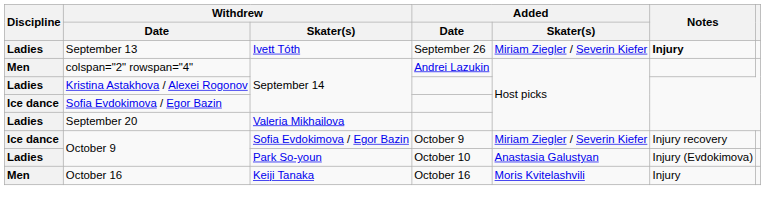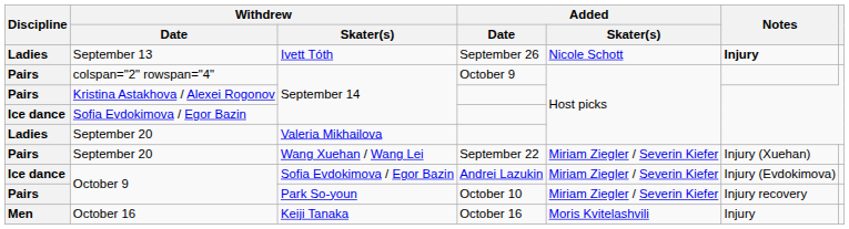 <table class="wikitable unsortable">
 <tr>
 <th scope="col" rowspan=2>Discipline</th>
 <th scope="col" colspan=2>Withdrew</th>
 <th scope="col" colspan=2>Added</th>
 <th scope="col" rowspan=2>Notes</th>
 <th scope="col" rowspan=2></th>
 </tr>
 <tr>
 <th>Date</th>
 <th>Skater(s)</th>
 <th>Date</th>
 <th>Skater(s)</th>
 </tr>
 <tr>
 <th scope="row" style="text-align:left">Ladies</th>
 <td>September 13</td>
 <td> <a href='#'>Ivett Tóth</a></td>
 <td>September 26</td>
-<td> <a href='#'>Miriam Ziegler</a> / <a href='#'>Severin Kiefer</a></td>
+<td> <a href='#'>Nicole Schott</a></td>
 <td><strong>Injury</strong></td>
 <td></td>
 </tr>
 <tr>
-<th scope="row" style="text-align:left">Men</th>
+<th scope="row" style="text-align:left">Pairs</th>
 <td>colspan="2" rowspan="4" </td>
 <td rowspan="3">September 14</td>
-<td> <a href='#'>Andrei Lazukin</a></td>
+<td>October 9</td>
 <td rowspan="4">Host picks</td>
 <td></td>
 </tr>
 <tr>
-<th scope="row" style="text-align:left">Ladies</th>
+<th scope="row" style="text-align:left">Pairs</th>
 <td> <a href='#'>Kristina Astakhova</a> / <a href='#'>Alexei Rogonov</a></td>
 <td></td>
 </tr>
 <tr>
 <th scope="row" style="text-align:left">Ice dance</th>
 <td> <a href='#'>Sofia Evdokimova</a> / <a href='#'>Egor Bazin</a></td>
 <td></td>
 </tr>
 <tr>
 <th scope="row" style="text-align:left">Ladies</th>
 <td>September 20</td>
 <td> <a href='#'>Valeria Mikhailova</a></td>
 <td></td>
 </tr>
 <tr>
+<th scope="row" style="text-align:left">Pairs</th>
+<td>September 20</td>
+<td> <a href='#'>Wang Xuehan</a> / <a href='#'>Wang Lei</a></td>
+<td>September 22</td>
+<td> <a href='#'>Miriam Ziegler</a> / <a href='#'>Severin Kiefer</a></td>
+<td>Injury (Xuehan)</td>
+<td></td>
+</tr>
+<tr>
 <th scope="row" style="text-align:left">Ice dance</th>
 <td rowspan="2">October 9</td>
 <td> <a href='#'>Sofia Evdokimova</a> / <a href='#'>Egor Bazin</a></td>
-<td>October 9</td>
+<td> <a href='#'>Andrei Lazukin</a></td>
 <td> <a href='#'>Miriam Ziegler</a> / <a href='#'>Severin Kiefer</a></td>
-<td>Injury recovery</td>
+<td>Injury (Evdokimova)</td>
 <td></td>
 </tr>
 <tr>
-<th scope="row" style="text-align:left">Ladies</th>
+<th scope="row" style="text-align:left">Pairs</th>
 <td> <a href='#'>Park So-youn</a></td>
 <td>October 10</td>
-<td> <a href='#'>Anastasia Galustyan</a></td>
-<td>Injury (Evdokimova)</td>
+<td> <a href='#'>Miriam Ziegler</a> / <a href='#'>Severin Kiefer</a></td>
+<td>Injury recovery</td>
 <td></td>
 </tr>
 <tr>
 <th scope="row" style="text-align:left">Men</th>
 <td>October 16</td>
 <td> <a href='#'>Keiji Tanaka</a></td>
 <td>October 16</td>
 <td> <a href='#'>Moris Kvitelashvili</a></td>
 <td>Injury</td>
 <td></td>
 </tr>
 </table>
